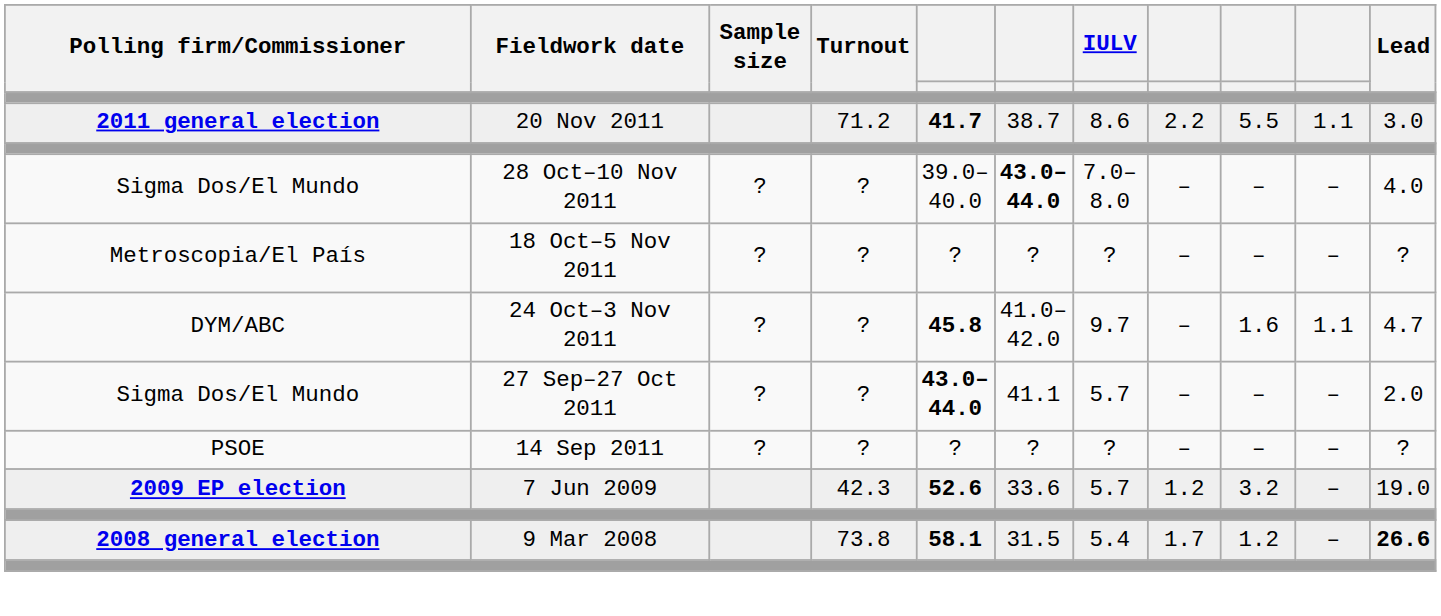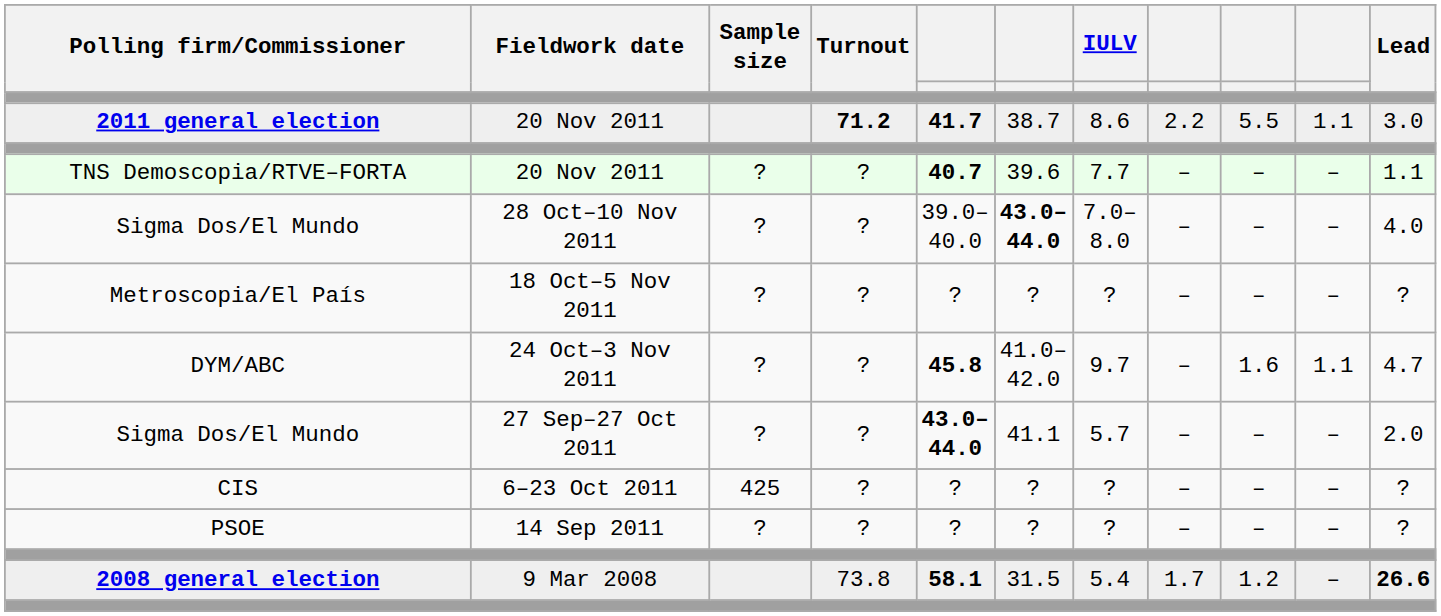 <table class="wikitable collapsible collapsed" style="text-align:center; font-size:95%; line-height:16px;">
 <tr style="height:42px;">
 <th style="width:250px;" rowspan="2">Polling firm/Commissioner</th>
 <th style="width:125px;" rowspan="2">Fieldwork date</th>
 <th style="width:50px;" rowspan="2">Sample size</th>
 <th style="width:45px;" rowspan="2">Turnout</th>
 <th style="width:35px;"></th>
 <th style="width:35px;"></th>
 <th style="width:35px;"><a href='#'>IULV</a></th>
 <th style="width:35px;"></th>
 <th style="width:35px;"></th>
 <th style="width:35px;"></th>
 <th style="width:30px;" rowspan="2">Lead</th>
 </tr>
 <tr>
 <th style="color:inherit;background:"></th>
 <th style="color:inherit;background:"></th>
 <th style="color:inherit;background:"></th>
 <th style="color:inherit;background:"></th>
 <th style="color:inherit;background:"></th>
 <th style="color:inherit;background:"></th>
 </tr>
 <tr>
 <td colspan="11" style="background:#A0A0A0"></td>
 </tr>
 <tr style="background:#EFEFEF;">
 <td><strong><a href='#'>2011 general election</a></strong></td>
 <td>20 Nov 2011</td>
 <td></td>
-<td>71.2</td>
+<td><strong>71.2</strong></td>
 <td><strong>41.7</strong><br></td>
 <td>38.7<br></td>
 <td>8.6<br></td>
 <td>2.2<br></td>
 <td>5.5<br></td>
 <td>1.1<br></td>
 <td style="background:">3.0</td>
 </tr>
 <tr>
 <td colspan="11" style="background:#A0A0A0"></td>
+</tr>
+<tr style="background:#EAFFEA;">
+<td>TNS Demoscopia/RTVE–FORTA</td>
+<td>20 Nov 2011</td>
+<td>?</td>
+<td>?</td>
+<td><strong>40.7</strong><br></td>
+<td>39.6<br></td>
+<td>7.7<br></td>
+<td>–</td>
+<td>–</td>
+<td>–</td>
+<td style="background:">1.1</td>
 </tr>
 <tr>
 <td>Sigma Dos/El Mundo</td>
 <td>28 Oct–10 Nov 2011</td>
 <td>?</td>
 <td>?</td>
 <td>39.0–<br>40.0<br></td>
 <td><strong>43.0–<br>44.0</strong><br></td>
 <td>7.0–<br>8.0<br></td>
 <td>–</td>
 <td>–</td>
 <td>–</td>
 <td style="background:">4.0</td>
 </tr>
 <tr>
 <td>Metroscopia/El País</td>
 <td>18 Oct–5 Nov 2011</td>
 <td>?</td>
 <td>?</td>
 <td>?<br></td>
 <td>?<br></td>
 <td>?<br></td>
 <td>–</td>
 <td>–</td>
 <td>–</td>
 <td style="background:">?</td>
 </tr>
 <tr>
 <td>DYM/ABC</td>
 <td>24 Oct–3 Nov 2011</td>
 <td>?</td>
 <td>?</td>
 <td><strong>45.8</strong><br></td>
 <td>41.0–<br>42.0<br></td>
 <td>9.7<br></td>
 <td>–</td>
 <td>1.6<br></td>
 <td>1.1<br></td>
 <td style="background:">4.7</td>
 </tr>
 <tr>
 <td>Sigma Dos/El Mundo</td>
 <td>27 Sep–27 Oct 2011</td>
 <td>?</td>
 <td>?</td>
 <td><strong>43.0–<br>44.0</strong><br></td>
 <td>41.1<br></td>
 <td>5.7<br></td>
 <td>–</td>
 <td>–</td>
 <td>–</td>
 <td style="background:">2.0</td>
 </tr>
 <tr>
+<td>CIS</td>
+<td>6–23 Oct 2011</td>
+<td>425</td>
+<td>?</td>
+<td>?<br></td>
+<td>?<br></td>
+<td>?<br></td>
+<td>–</td>
+<td>–</td>
+<td>–</td>
+<td style="background:">?</td>
+</tr>
+<tr>
 <td>PSOE</td>
 <td>14 Sep 2011</td>
 <td>?</td>
 <td>?</td>
 <td>?<br></td>
 <td>?<br></td>
 <td>?<br></td>
 <td>–</td>
 <td>–</td>
 <td>–</td>
 <td style="background:">?</td>
-</tr>
-<tr style="background:#EFEFEF;">
-<td><strong><a href='#'>2009 EP election</a></strong></td>
-<td>7 Jun 2009</td>
-<td></td>
-<td>42.3</td>
-<td><strong>52.6</strong><br></td>
-<td>33.6<br></td>
-<td>5.7<br></td>
-<td>1.2<br></td>
-<td>3.2<br></td>
-<td>–</td>
-<td style="background:">19.0</td>
 </tr>
 <tr>
 <td colspan="11" style="background:#A0A0A0"></td>
 </tr>
 <tr style="background:#EFEFEF;">
 <td><strong><a href='#'>2008 general election</a></strong></td>
 <td>9 Mar 2008</td>
 <td></td>
 <td>73.8</td>
 <td><strong>58.1</strong><br></td>
 <td>31.5<br></td>
 <td>5.4<br></td>
 <td>1.7<br></td>
 <td>1.2<br></td>
 <td>–</td>
 <td style="background:"><strong>26.6</strong></td>
 </tr>
 <tr>
 <td colspan="11" style="background:#A0A0A0"></td>
 </tr>
 </table>
